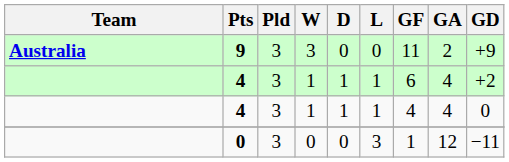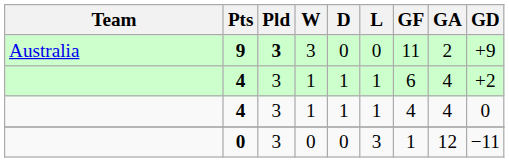 <table class="wikitable" style="text-align:center;">
 <tr>
 <th width=175>Team</th>
 <th width=20 abbr="Points">Pts</th>
 <th width=20 abbr="Played">Pld</th>
 <th width=20 abbr="Won">W</th>
 <th width=20 abbr="Drawn">D</th>
 <th width=20 abbr="Lost">L</th>
 <th width=20 abbr="Goals for">GF</th>
 <th width=20 abbr="Goals against">GA</th>
 <th width=20 abbr="Goal difference">GD</th>
 </tr>
 <tr style="background:#ccffcc;">
-<td align="left"><strong> <a href='#'>Australia</a></strong></td>
+<td align="left"> <a href='#'>Australia</a></td>
 <td><strong>9</strong></td>
-<td>3</td>
+<td><strong>3</strong></td>
 <td>3</td>
 <td>0</td>
 <td>0</td>
 <td>11</td>
 <td>2</td>
 <td>+9</td>
 </tr>
 <tr style="background:#ccffcc;">
 <td align="left"></td>
 <td><strong>4</strong></td>
 <td>3</td>
 <td>1</td>
 <td>1</td>
 <td>1</td>
 <td>6</td>
 <td>4</td>
 <td>+2</td>
 </tr>
 <tr>
 <td align="left"></td>
 <td><strong>4</strong></td>
 <td>3</td>
 <td>1</td>
 <td>1</td>
 <td>1</td>
 <td>4</td>
 <td>4</td>
 <td>0</td>
 </tr>
 <tr>
 </tr>
 <tr>
 <td align="left"></td>
 <td><strong>0</strong></td>
 <td>3</td>
 <td>0</td>
 <td>0</td>
 <td>3</td>
 <td>1</td>
 <td>12</td>
 <td>−11</td>
 </tr>
 </table>
